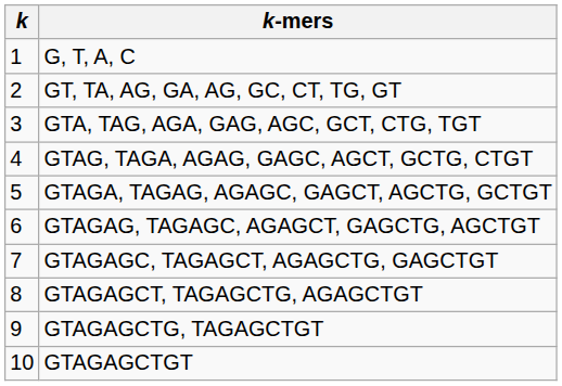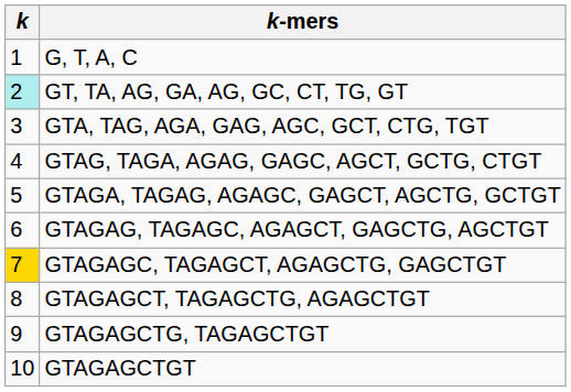 <table class="wikitable">
 <tr>
 <th><em>k</em></th>
 <th><em>k</em>-mers</th>
 </tr>
 <tr>
 <td>1</td>
 <td>G, T, A, C</td>
 </tr>
 <tr>
-<td>2</td>
+<td style="background: paleturquoise;">2</td>
 <td>GT, TA, AG, GA, AG, GC, CT, TG, GT</td>
 </tr>
 <tr>
 <td>3</td>
 <td>GTA, TAG, AGA, GAG, AGC, GCT, CTG, TGT</td>
 </tr>
 <tr>
 <td>4</td>
 <td>GTAG, TAGA, AGAG, GAGC, AGCT, GCTG, CTGT</td>
 </tr>
 <tr>
 <td>5</td>
 <td>GTAGA, TAGAG, AGAGC, GAGCT, AGCTG, GCTGT</td>
 </tr>
 <tr>
 <td>6</td>
 <td>GTAGAG, TAGAGC, AGAGCT, GAGCTG, AGCTGT</td>
 </tr>
 <tr>
-<td>7</td>
+<td style="background: gold;">7</td>
 <td>GTAGAGC, TAGAGCT, AGAGCTG, GAGCTGT</td>
 </tr>
 <tr>
 <td>8</td>
 <td>GTAGAGCT, TAGAGCTG, AGAGCTGT</td>
 </tr>
 <tr>
 <td>9</td>
 <td>GTAGAGCTG, TAGAGCTGT</td>
 </tr>
 <tr>
 <td>10</td>
 <td>GTAGAGCTGT</td>
 </tr>
 </table>
